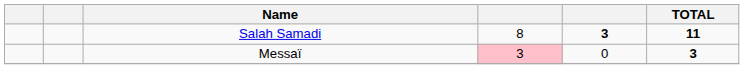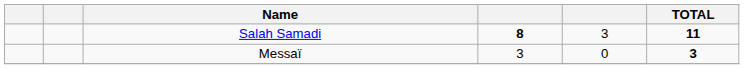 <table class="wikitable sortable alternance"  style="font-size:85%; text-align:center; line-height:14px; width:60%;">
 <tr>
 <th width=15></th>
 <th width=15></th>
 <th width=210>Name</th>
 <th width=40></th>
 <th width=40></th>
 <th width=40>TOTAL</th>
 </tr>
 <tr>
 <td></td>
 <td></td>
 <td><a href='#'>Salah Samadi</a></td>
-<td>8</td>
-<td><strong>3</strong></td>
+<td><strong>8</strong></td>
+<td>3</td>
 <td><strong>11</strong></td>
 </tr>
 <tr>
 <td></td>
 <td></td>
 <td>Messaï</td>
-<td style="background: pink;">3</td>
+<td>3</td>
 <td>0</td>
 <td><strong>3</strong></td>
 </tr>
 <tr>
 </tr>
 </table>
